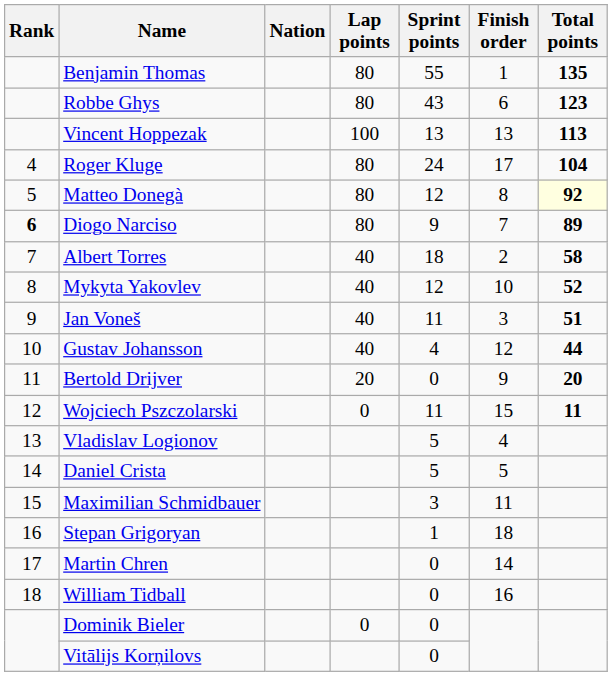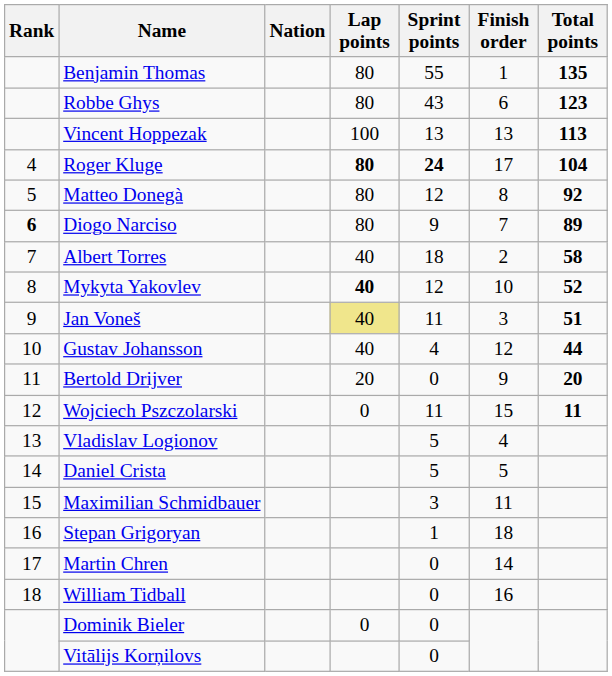 <table class="wikitable sortable" style="text-align:center">
 <tr>
 <th>Rank</th>
 <th>Name</th>
 <th>Nation</th>
 <th width=50>Lap points</th>
 <th width=50>Sprint points</th>
 <th width=50>Finish order</th>
 <th width=50>Total points</th>
 </tr>
 <tr>
 <td></td>
 <td align=left><a href='#'>Benjamin Thomas</a></td>
 <td align=left></td>
 <td>80</td>
 <td>55</td>
 <td>1</td>
 <td><strong>135</strong></td>
 </tr>
 <tr>
 <td></td>
 <td align=left><a href='#'>Robbe Ghys</a></td>
 <td align=left></td>
 <td>80</td>
 <td>43</td>
 <td>6</td>
 <td><strong>123</strong></td>
 </tr>
 <tr>
 <td></td>
 <td align=left><a href='#'>Vincent Hoppezak</a></td>
 <td align=left></td>
 <td>100</td>
 <td>13</td>
 <td>13</td>
 <td><strong>113</strong></td>
 </tr>
 <tr>
 <td>4</td>
 <td align=left><a href='#'>Roger Kluge</a></td>
 <td align=left></td>
-<td>80</td>
-<td>24</td>
+<td><strong>80</strong></td>
+<td><strong>24</strong></td>
 <td>17</td>
 <td><strong>104</strong></td>
 </tr>
 <tr>
 <td>5</td>
 <td align=left><a href='#'>Matteo Donegà</a></td>
 <td align=left></td>
 <td>80</td>
 <td>12</td>
 <td>8</td>
-<td style="background: lightyellow;"><strong>92</strong></td>
+<td><strong>92</strong></td>
 </tr>
 <tr>
 <td><strong>6</strong></td>
 <td align=left><a href='#'>Diogo Narciso</a></td>
 <td align=left></td>
 <td>80</td>
 <td>9</td>
 <td>7</td>
 <td><strong>89</strong></td>
 </tr>
 <tr>
 <td>7</td>
 <td align=left><a href='#'>Albert Torres</a></td>
 <td align=left></td>
 <td>40</td>
 <td>18</td>
 <td>2</td>
 <td><strong>58</strong></td>
 </tr>
 <tr>
 <td>8</td>
 <td align=left><a href='#'>Mykyta Yakovlev</a></td>
 <td align=left></td>
-<td>40</td>
+<td><strong>40</strong></td>
 <td>12</td>
 <td>10</td>
 <td><strong>52</strong></td>
 </tr>
 <tr>
 <td>9</td>
 <td align=left><a href='#'>Jan Voneš</a></td>
 <td align=left></td>
-<td>40</td>
+<td style="background: khaki;">40</td>
 <td>11</td>
 <td>3</td>
 <td><strong>51</strong></td>
 </tr>
 <tr>
 <td>10</td>
 <td align=left><a href='#'>Gustav Johansson</a></td>
 <td align=left></td>
 <td>40</td>
 <td>4</td>
 <td>12</td>
 <td><strong>44</strong></td>
 </tr>
 <tr>
 <td>11</td>
 <td align=left><a href='#'>Bertold Drijver</a></td>
 <td align=left></td>
 <td>20</td>
 <td>0</td>
 <td>9</td>
 <td><strong>20</strong></td>
 </tr>
 <tr>
 <td>12</td>
 <td align=left><a href='#'>Wojciech Pszczolarski</a></td>
 <td align=left></td>
 <td>0</td>
 <td>11</td>
 <td>15</td>
 <td><strong>11</strong></td>
 </tr>
 <tr>
 <td>13</td>
 <td align=left><a href='#'>Vladislav Logionov</a></td>
 <td align=left></td>
 <td></td>
 <td>5</td>
 <td>4</td>
 <td><strong></strong></td>
 </tr>
 <tr>
 <td>14</td>
 <td align=left><a href='#'>Daniel Crista</a></td>
 <td align=left></td>
 <td></td>
 <td>5</td>
 <td>5</td>
 <td><strong></strong></td>
 </tr>
 <tr>
 <td>15</td>
 <td align=left><a href='#'>Maximilian Schmidbauer</a></td>
 <td align=left></td>
 <td></td>
 <td>3</td>
 <td>11</td>
 <td><strong></strong></td>
 </tr>
 <tr>
 <td>16</td>
 <td align=left><a href='#'>Stepan Grigoryan</a></td>
 <td align=left></td>
 <td></td>
 <td>1</td>
 <td>18</td>
 <td><strong></strong></td>
 </tr>
 <tr>
 <td>17</td>
 <td align=left><a href='#'>Martin Chren</a></td>
 <td align=left></td>
 <td></td>
 <td>0</td>
 <td>14</td>
 <td><strong></strong></td>
 </tr>
 <tr>
 <td>18</td>
 <td align=left><a href='#'>William Tidball</a></td>
 <td align=left></td>
 <td></td>
 <td>0</td>
 <td>16</td>
 <td><strong></strong></td>
 </tr>
 <tr>
 <td rowspan=2></td>
 <td align=left><a href='#'>Dominik Bieler</a></td>
 <td align=left></td>
 <td>0</td>
 <td>0</td>
 <td rowspan=2></td>
 <td rowspan=2></td>
 </tr>
 <tr>
 <td align=left><a href='#'>Vitālijs Korņilovs</a></td>
 <td align=left></td>
 <td></td>
 <td>0</td>
 </tr>
 </table>
